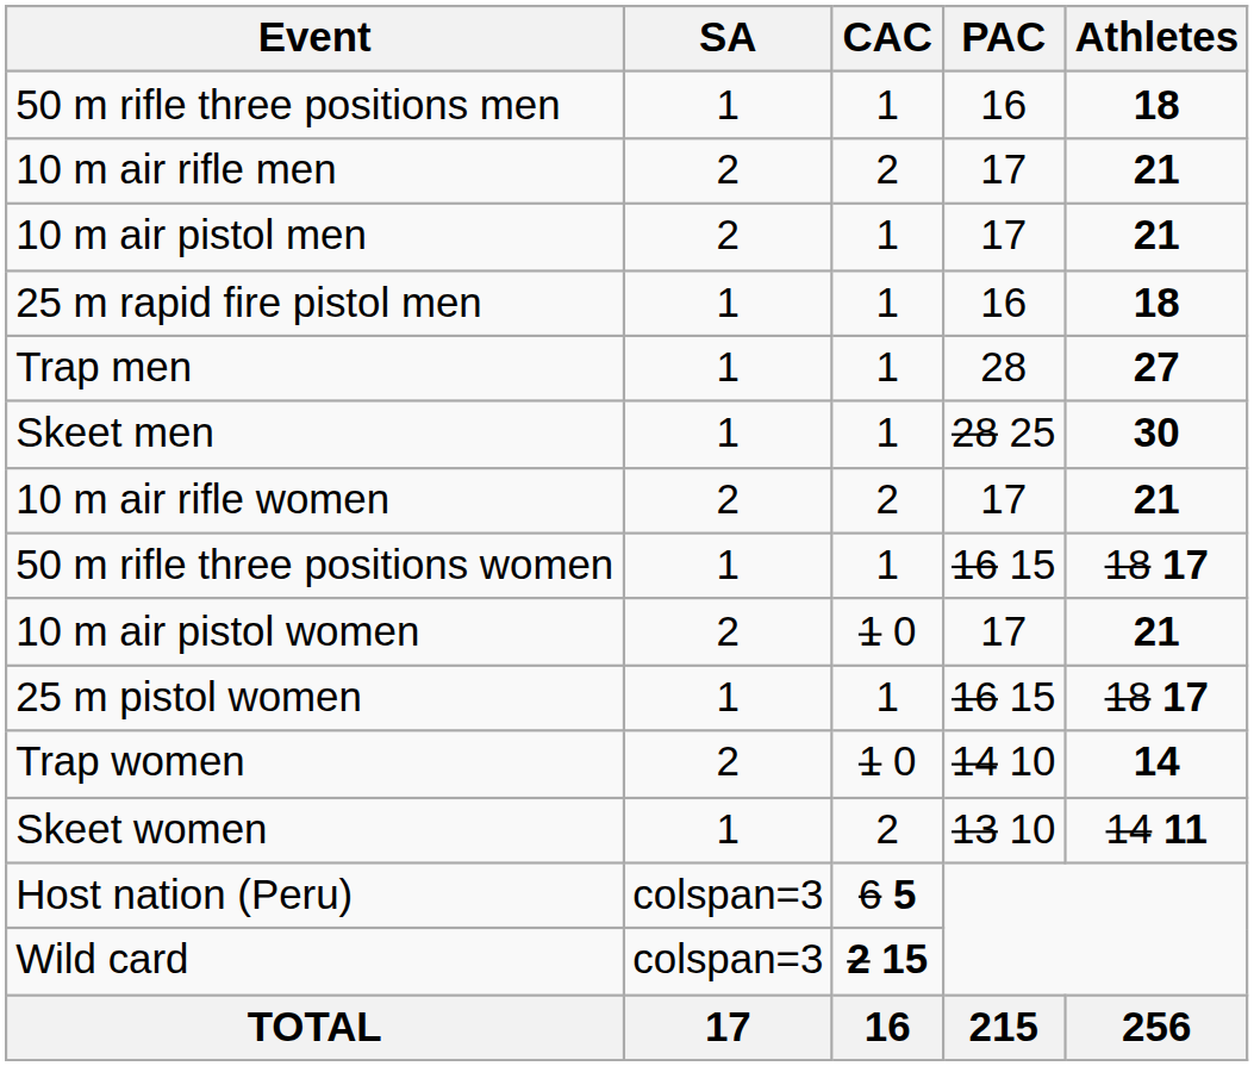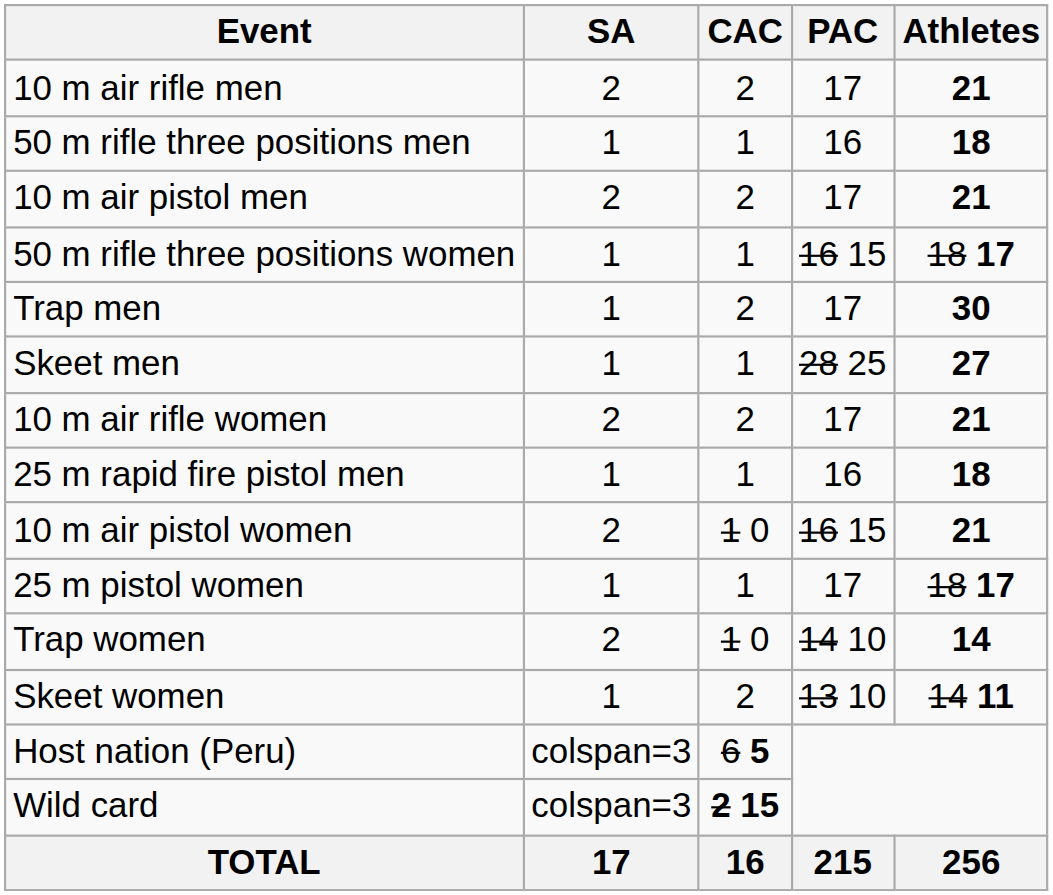 <table class="wikitable">
 <tr>
 <th>Event</th>
 <th>SA</th>
 <th>CAC</th>
 <th>PAC</th>
 <th>Athletes</th>
 </tr>
 <tr align="center">
+<td align=left>10 m air rifle men</td>
+<td>2</td>
+<td>2</td>
+<td>17</td>
+<td><strong>21</strong></td>
+</tr>
+<tr align="center">
 <td align=left>50 m rifle three positions  men</td>
 <td>1</td>
 <td>1</td>
 <td>16</td>
 <td><strong>18</strong></td>
 </tr>
 <tr align="center">
-<td align=left>10 m air rifle men</td>
-<td>2</td>
-<td>2</td>
-<td>17</td>
-<td><strong>21</strong></td>
-</tr>
-<tr align="center">
 <td align=left>10 m air pistol men</td>
-<td>2</td>
-<td>1</td>
-<td>17</td>
-<td><strong>21</strong></td>
-</tr>
-<tr align="center">
-<td align=left>25 m rapid fire pistol men</td>
-<td>1</td>
-<td>1</td>
-<td>16</td>
-<td><strong>18</strong></td>
-</tr>
-<tr align="center">
-<td align=left>Trap men</td>
-<td>1</td>
-<td>1</td>
-<td>28</td>
-<td><strong>27</strong></td>
-</tr>
-<tr align="center">
-<td align=left>Skeet men</td>
-<td>1</td>
-<td>1</td>
-<td><s>28</s> 25</td>
-<td><strong>30</strong></td>
-</tr>
-<tr align="center">
-<td align=left>10 m air rifle women</td>
 <td>2</td>
 <td>2</td>
 <td>17</td>
 <td><strong>21</strong></td>
 </tr>
 <tr align="center">
 <td align=left>50 m rifle three positions women</td>
 <td>1</td>
 <td>1</td>
 <td><s>16</s> 15</td>
 <td><s>18</s> <strong>17</strong></td>
 </tr>
 <tr align="center">
+<td align=left>Trap men</td>
+<td>1</td>
+<td>2</td>
+<td>17</td>
+<td><strong>30</strong></td>
+</tr>
+<tr align="center">
+<td align=left>Skeet men</td>
+<td>1</td>
+<td>1</td>
+<td><s>28</s> 25</td>
+<td><strong>27</strong></td>
+</tr>
+<tr align="center">
+<td align=left>10 m air rifle women</td>
+<td>2</td>
+<td>2</td>
+<td>17</td>
+<td><strong>21</strong></td>
+</tr>
+<tr align="center">
+<td align=left>25 m rapid fire pistol men</td>
+<td>1</td>
+<td>1</td>
+<td>16</td>
+<td><strong>18</strong></td>
+</tr>
+<tr align="center">
 <td align=left>10 m air pistol women</td>
 <td>2</td>
 <td><s>1</s> 0</td>
-<td>17</td>
+<td><s>16</s> 15</td>
 <td><strong>21</strong></td>
 </tr>
 <tr align="center">
 <td align=left>25 m pistol women</td>
 <td>1</td>
 <td>1</td>
-<td><s>16</s> 15</td>
+<td>17</td>
 <td><s>18</s> <strong>17</strong></td>
 </tr>
 <tr align="center">
 <td align=left>Trap women</td>
 <td>2</td>
 <td><s>1</s> 0</td>
 <td><s>14</s> 10</td>
 <td><strong>14</strong></td>
 </tr>
 <tr align="center">
 <td align=left>Skeet women</td>
 <td>1</td>
 <td>2</td>
 <td><s>13</s> 10</td>
 <td><s>14</s> <strong>11</strong></td>
 </tr>
 <tr align="center">
 <td align=left>Host nation (Peru)</td>
 <td>colspan=3 </td>
 <td><s>6</s> <strong>5</strong></td>
 </tr>
 <tr align="center">
 <td align=left>Wild card</td>
 <td>colspan=3 </td>
 <td><strong><s>2</s> 15</strong></td>
 </tr>
 <tr>
 <th>TOTAL</th>
 <th>17</th>
 <th>16</th>
 <th>215</th>
 <th>256</th>
 </tr>
 </table>
